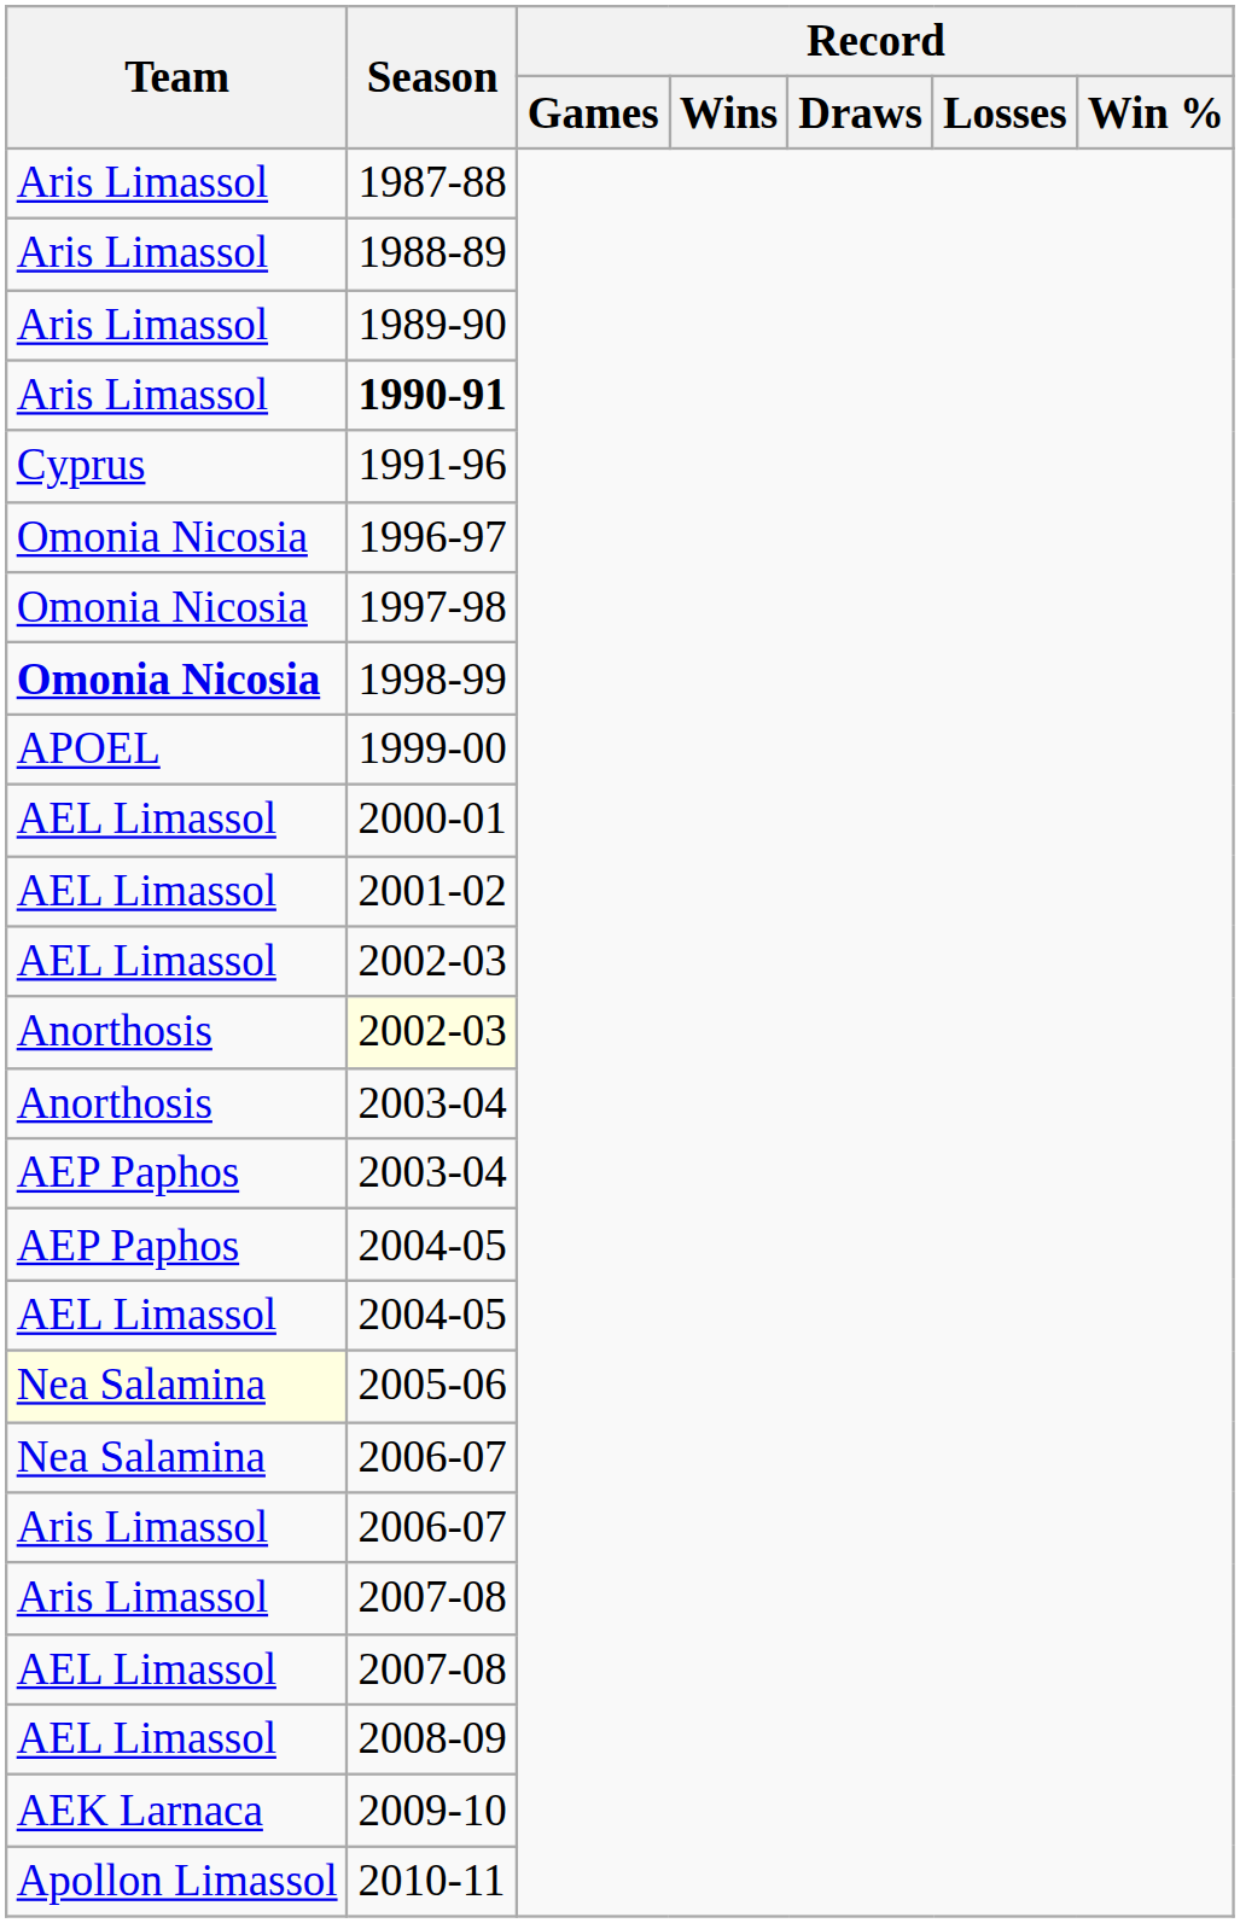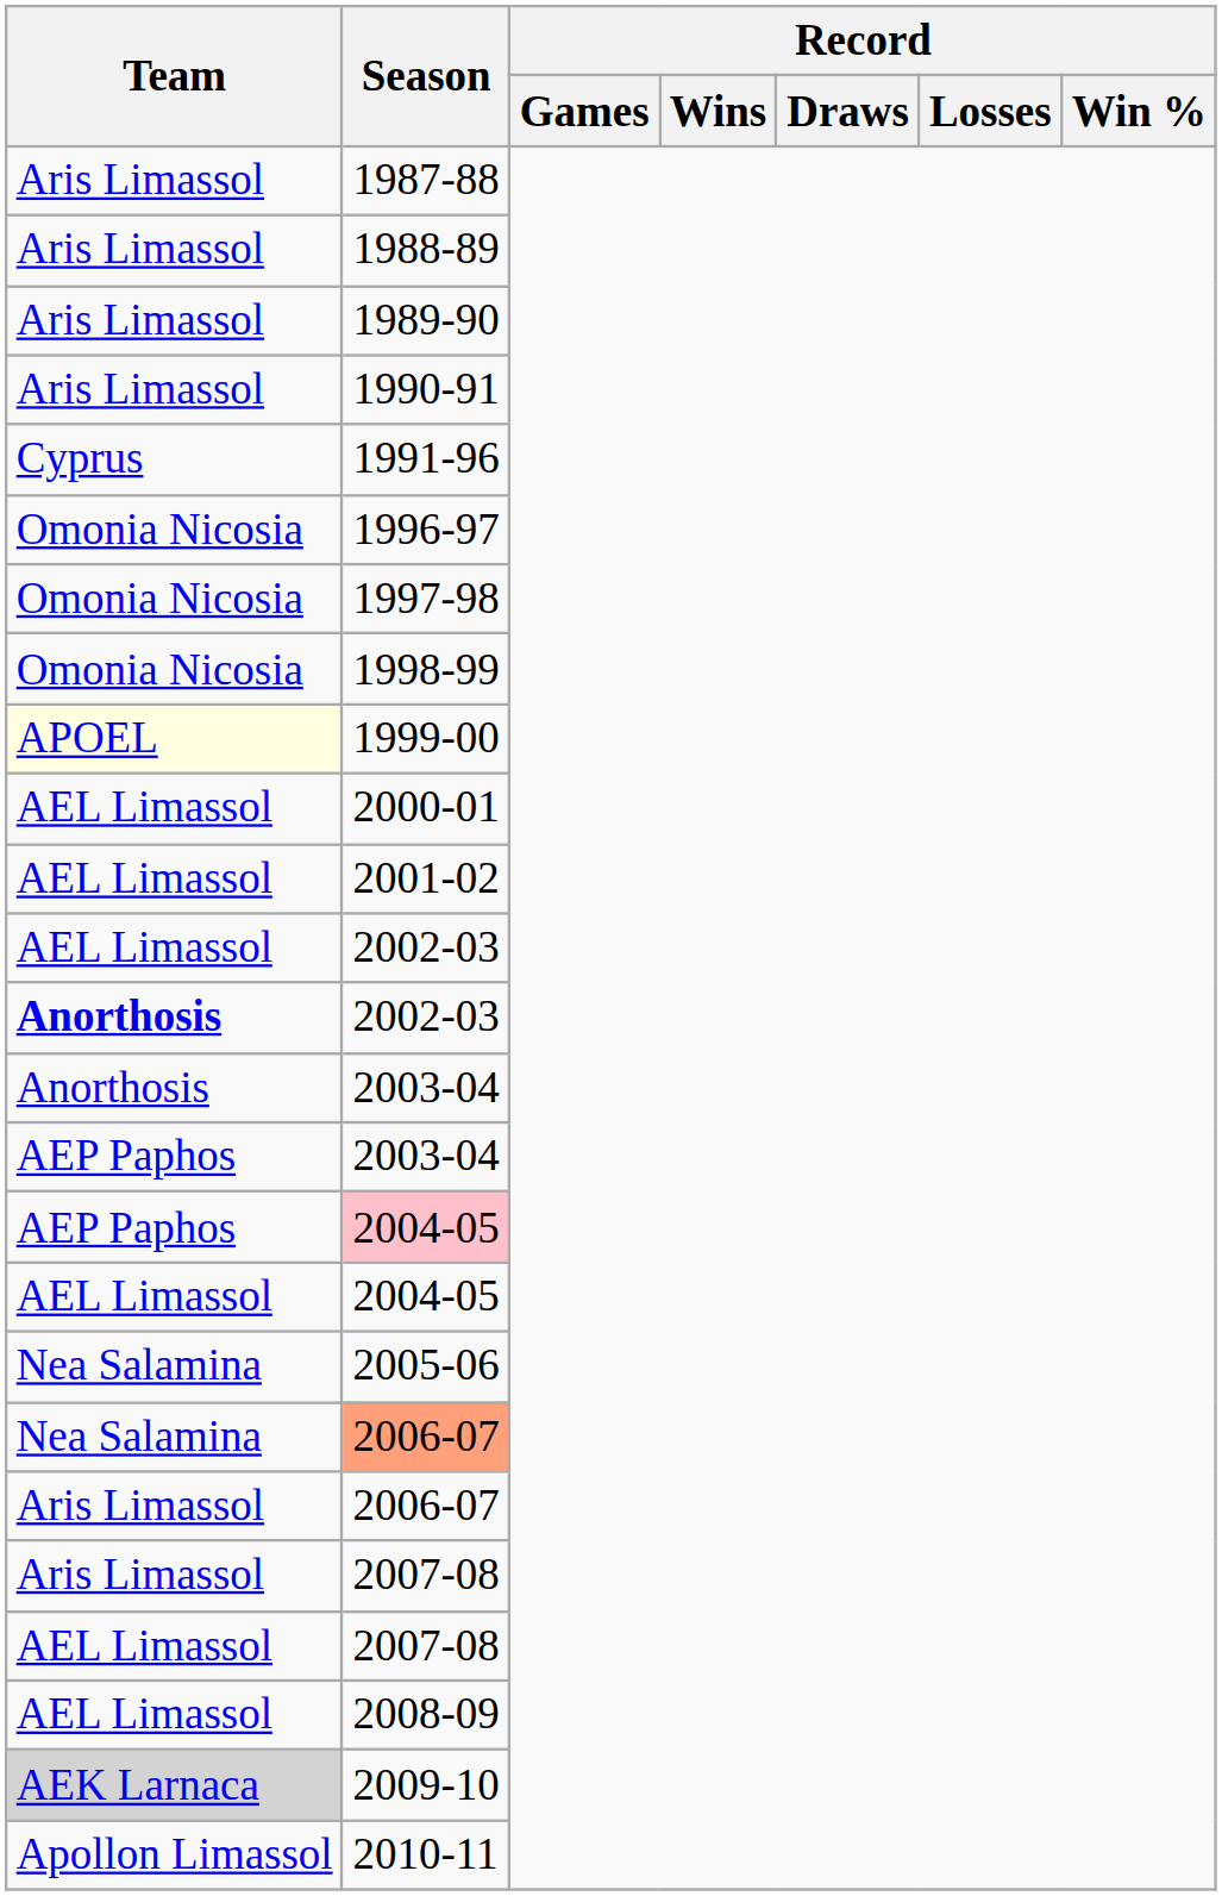 <table class="wikitable" style="text-align: center">
 <tr>
 <th rowspan="2">Team</th>
 <th rowspan="2">Season</th>
 <th colspan="5">Record</th>
 </tr>
 <tr>
 <th>Games</th>
 <th>Wins</th>
 <th>Draws</th>
 <th>Losses</th>
 <th>Win %</th>
 </tr>
 <tr>
 <td align=left><a href='#'>Aris Limassol</a></td>
 <td align=left>1987-88<br></td>
 </tr>
 <tr>
 <td align=left><a href='#'>Aris Limassol</a></td>
 <td align=left>1988-89<br></td>
 </tr>
 <tr>
 <td align=left><a href='#'>Aris Limassol</a></td>
 <td align=left>1989-90<br></td>
 </tr>
 <tr>
 <td align=left><a href='#'>Aris Limassol</a></td>
-<td align=left><strong>1990-91<br></strong></td>
+<td align=left>1990-91<br></td>
 </tr>
 <tr>
 <td align=left><a href='#'>Cyprus</a></td>
 <td align=left>1991-96<br></td>
 </tr>
 <tr>
 <td align=left><a href='#'>Omonia Nicosia</a></td>
 <td align=left>1996-97<br></td>
 </tr>
 <tr>
 <td align=left><a href='#'>Omonia Nicosia</a></td>
 <td align=left>1997-98<br></td>
 </tr>
 <tr>
-<td align=left><strong><a href='#'>Omonia Nicosia</a></strong></td>
+<td align=left><a href='#'>Omonia Nicosia</a></td>
 <td align=left>1998-99<br></td>
 </tr>
 <tr>
-<td align=left><a href='#'>APOEL</a></td>
+<td align=left style="background: lightyellow;"><a href='#'>APOEL</a></td>
 <td align=left>1999-00<br></td>
 </tr>
 <tr>
 <td align=left><a href='#'>AEL Limassol</a></td>
 <td align=left>2000-01<br></td>
 </tr>
 <tr>
 <td align=left><a href='#'>AEL Limassol</a></td>
 <td align=left>2001-02<br></td>
 </tr>
 <tr>
 <td align=left><a href='#'>AEL Limassol</a></td>
 <td align=left>2002-03<br></td>
 </tr>
 <tr>
-<td align=left><a href='#'>Anorthosis</a></td>
-<td align=left style="background: lightyellow;">2002-03<br></td>
+<td align=left><strong><a href='#'>Anorthosis</a></strong></td>
+<td align=left>2002-03<br></td>
 </tr>
 <tr>
 <td align=left><a href='#'>Anorthosis</a></td>
 <td align=left>2003-04<br></td>
 </tr>
 <tr>
 <td align=left><a href='#'>AEP Paphos</a></td>
 <td align=left>2003-04<br></td>
 </tr>
 <tr>
 <td align=left><a href='#'>AEP Paphos</a></td>
-<td align=left>2004-05<br></td>
+<td align=left style="background: pink;">2004-05<br></td>
 </tr>
 <tr>
 <td align=left><a href='#'>AEL Limassol</a></td>
 <td align=left>2004-05<br></td>
 </tr>
 <tr>
-<td align=left style="background: lightyellow;"><a href='#'>Nea Salamina</a></td>
+<td align=left><a href='#'>Nea Salamina</a></td>
 <td align=left>2005-06<br></td>
 </tr>
 <tr>
 <td align=left><a href='#'>Nea Salamina</a></td>
-<td align=left>2006-07<br></td>
+<td align=left style="background: lightsalmon;">2006-07<br></td>
 </tr>
 <tr>
 <td align=left><a href='#'>Aris Limassol</a></td>
 <td align=left>2006-07<br></td>
 </tr>
 <tr>
 <td align=left><a href='#'>Aris Limassol</a></td>
 <td align=left>2007-08<br></td>
 </tr>
 <tr>
 <td align=left><a href='#'>AEL Limassol</a></td>
 <td align=left>2007-08<br></td>
 </tr>
 <tr>
 <td align=left><a href='#'>AEL Limassol</a></td>
 <td align=left>2008-09<br></td>
 </tr>
 <tr>
-<td align=left><a href='#'>AEK Larnaca</a></td>
+<td align=left style="background: lightgrey;"><a href='#'>AEK Larnaca</a></td>
 <td align=left>2009-10<br></td>
 </tr>
 <tr>
 <td align=left><a href='#'>Apollon Limassol</a></td>
 <td align=left>2010-11<br></td>
 </tr>
 </table>
